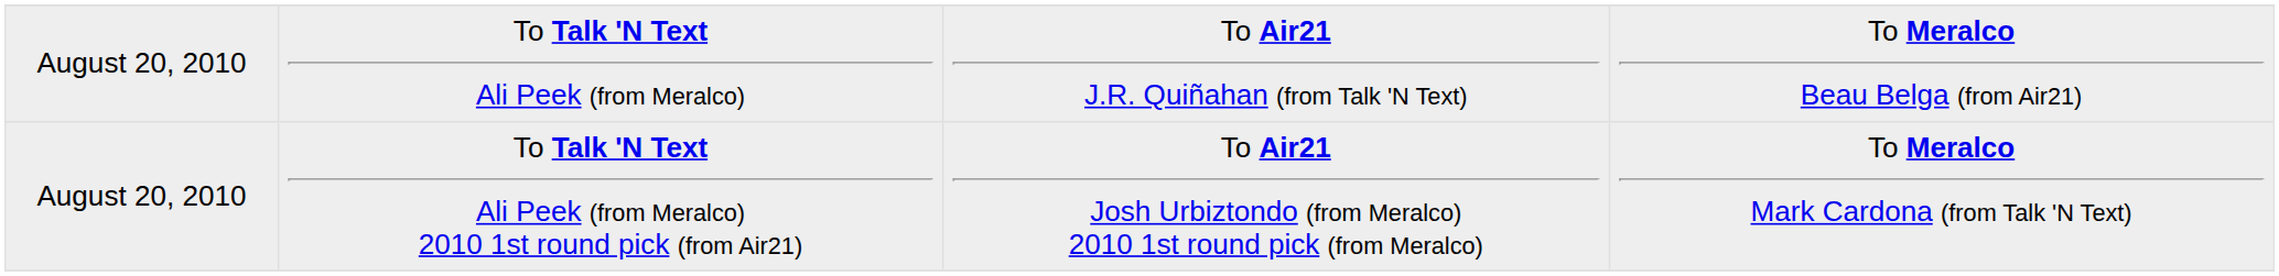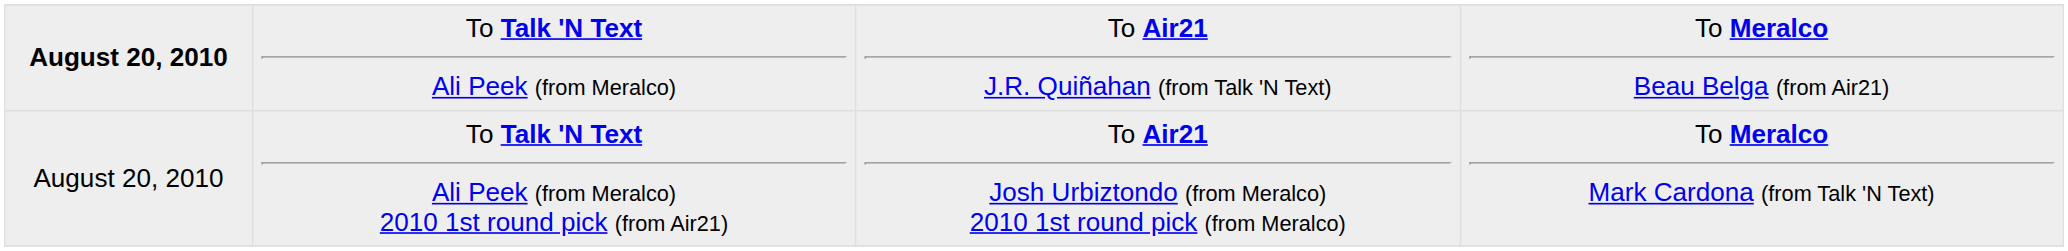 <table border=1 style="border-collapse:collapse; text-align: center; width: 100%" bordercolor="#DFDFDF"  cellpadding="5">
 <tr>
 </tr>
 <tr bgcolor="eeeeee">
-<td style="width:12%">August 20, 2010</td>
+<td style="width:12%"><strong>August 20, 2010</strong></td>
 <td style="width:29.3%" valign="top">To <strong><a href='#'>Talk 'N Text</a></strong><hr><a href='#'>Ali Peek</a> <small>(from Meralco)</small></td>
 <td style="width:29.3%" valign="top">To <strong><a href='#'>Air21</a></strong><hr><a href='#'>J.R. Quiñahan</a> <small>(from Talk 'N Text)</small></td>
 <td style="width:29.3%" valign="top">To <strong><a href='#'>Meralco</a></strong><hr><a href='#'>Beau Belga</a> <small>(from Air21)</small></td>
 </tr>
 <tr bgcolor="eeeeee">
 <td style="width:12%">August 20, 2010</td>
 <td style="width:29.3%" valign="top">To <strong><a href='#'>Talk 'N Text</a></strong><hr><a href='#'>Ali Peek</a> <small>(from Meralco)</small> <br><a href='#'>2010 1st round pick</a> <small>(from Air21)</small></td>
 <td style="width:29.3%" valign="top">To <strong><a href='#'>Air21</a></strong><hr><a href='#'>Josh Urbiztondo</a> <small>(from Meralco)</small><br><a href='#'>2010 1st round pick</a> <small>(from Meralco)</small></td>
 <td style="width:29.3%" valign="top">To <strong><a href='#'>Meralco</a></strong><hr><a href='#'>Mark Cardona</a> <small>(from Talk 'N Text)</small></td>
 </tr>
 </table>
